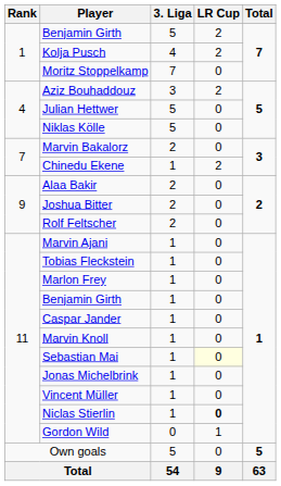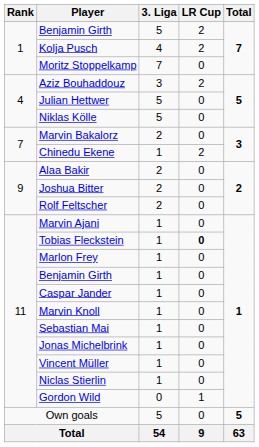 <table class="wikitable" style="text-align:center;">
 <tr>
 <th>Rank</th>
 <th>Player</th>
 <th>3. Liga</th>
 <th>LR Cup</th>
 <th>Total</th>
 </tr>
 <tr>
 <td rowspan=3>1</td>
 <td align=left> <a href='#'>Benjamin Girth</a></td>
 <td>5</td>
 <td>2</td>
 <td rowspan=3><strong>7</strong></td>
 </tr>
 <tr>
 <td align=left> <a href='#'>Kolja Pusch</a></td>
 <td>4</td>
 <td>2</td>
 </tr>
 <tr>
 <td align=left> <a href='#'>Moritz Stoppelkamp</a></td>
 <td>7</td>
 <td>0</td>
 </tr>
 <tr>
 <td rowspan=3>4</td>
 <td align=left> <a href='#'>Aziz Bouhaddouz</a></td>
 <td>3</td>
 <td>2</td>
 <td rowspan=3><strong>5</strong></td>
 </tr>
 <tr>
 <td align=left> <a href='#'>Julian Hettwer</a></td>
 <td>5</td>
 <td>0</td>
 </tr>
 <tr>
 <td align=left> <a href='#'>Niklas Kölle</a></td>
 <td>5</td>
 <td>0</td>
 </tr>
 <tr>
 <td rowspan=2>7</td>
 <td align=left> <a href='#'>Marvin Bakalorz</a></td>
 <td>2</td>
 <td>0</td>
 <td rowspan=2><strong>3</strong></td>
 </tr>
 <tr>
 <td align=left> <a href='#'>Chinedu Ekene</a></td>
 <td>1</td>
 <td>2</td>
 </tr>
 <tr>
 <td rowspan=3>9</td>
 <td align=left> <a href='#'>Alaa Bakir</a></td>
 <td>2</td>
 <td>0</td>
 <td rowspan=3><strong>2</strong></td>
 </tr>
 <tr>
 <td align=left> <a href='#'>Joshua Bitter</a></td>
 <td>2</td>
 <td>0</td>
 </tr>
 <tr>
 <td align=left> <a href='#'>Rolf Feltscher</a></td>
 <td>2</td>
 <td>0</td>
 </tr>
 <tr>
 <td rowspan=11>11</td>
 <td align=left> <a href='#'>Marvin Ajani</a></td>
 <td>1</td>
 <td>0</td>
 <td rowspan=11><strong>1</strong></td>
 </tr>
 <tr>
 <td align=left> <a href='#'>Tobias Fleckstein</a></td>
 <td>1</td>
-<td>0</td>
+<td><strong>0</strong></td>
 </tr>
 <tr>
 <td align=left> <a href='#'>Marlon Frey</a></td>
 <td>1</td>
 <td>0</td>
 </tr>
 <tr>
 <td align=left> <a href='#'>Benjamin Girth</a></td>
 <td>1</td>
 <td>0</td>
 </tr>
 <tr>
 <td align=left> <a href='#'>Caspar Jander</a></td>
 <td>1</td>
 <td>0</td>
 </tr>
 <tr>
 <td align=left> <a href='#'>Marvin Knoll</a></td>
 <td>1</td>
 <td>0</td>
 </tr>
 <tr>
 <td align=left> <a href='#'>Sebastian Mai</a></td>
 <td>1</td>
-<td style="background: lightyellow;">0</td>
+<td>0</td>
 </tr>
 <tr>
 <td align=left> <a href='#'>Jonas Michelbrink</a></td>
 <td>1</td>
 <td>0</td>
 </tr>
 <tr>
 <td align=left> <a href='#'>Vincent Müller</a></td>
 <td>1</td>
 <td>0</td>
 </tr>
 <tr>
 <td align=left> <a href='#'>Niclas Stierlin</a></td>
 <td>1</td>
-<td><strong>0</strong></td>
+<td>0</td>
 </tr>
 <tr>
 <td align=left> <a href='#'>Gordon Wild</a></td>
 <td>0</td>
 <td>1</td>
 </tr>
 <tr>
 <td align=center colspan=2>Own goals</td>
 <td>5</td>
 <td>0</td>
 <td><strong>5</strong></td>
 </tr>
 <tr>
 <th colspan=2>Total</th>
 <th>54</th>
 <th>9</th>
 <th>63</th>
 </tr>
 </table>
